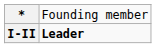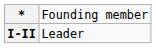 <table class="wikitable">
 <tr>
 <th>*</th>
 <td>Founding member</td>
 </tr>
 <tr>
 <th>I-II</th>
-<td><strong>Leader</strong></td>
+<td>Leader</td>
 </tr>
 </table>
